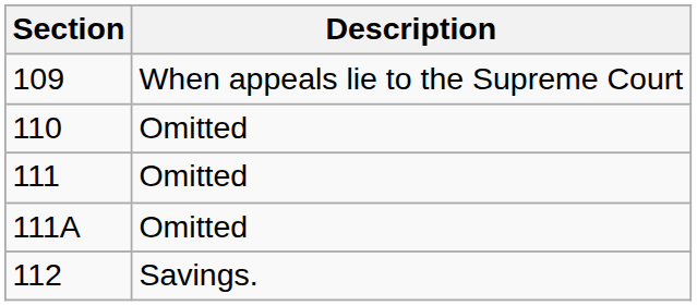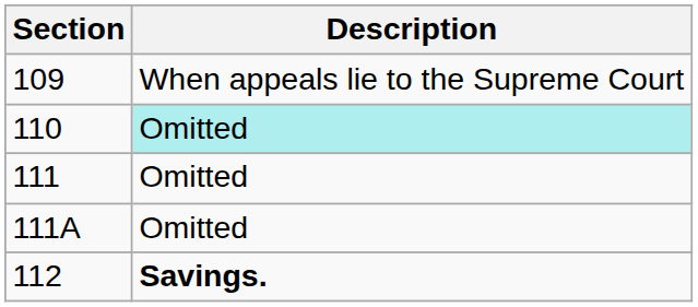 <table class="wikitable">
 <tr>
 <th>Section</th>
 <th>Description</th>
 </tr>
 <tr>
 <td>109</td>
 <td>When appeals lie to the Supreme Court</td>
 </tr>
 <tr>
 <td>110</td>
-<td>Omitted</td>
+<td style="background: paleturquoise;">Omitted</td>
 </tr>
 <tr>
 <td>111</td>
 <td>Omitted</td>
 </tr>
 <tr>
 <td>111A</td>
 <td>Omitted</td>
 </tr>
 <tr>
 <td>112</td>
-<td>Savings.</td>
+<td><strong>Savings.</strong></td>
 </tr>
 </table>
